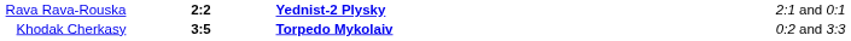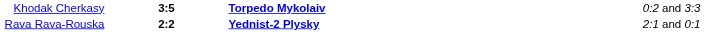 <table width=100% cellspacing=1>
 <tr>
 <th width=20%></th>
 <th width=12%></th>
 <th width=20%></th>
 <th></th>
 </tr>
 <tr style=font-size:90%>
+<td align=right><a href='#'>Khodak Cherkasy</a></td>
+<td align=center><strong>3:5</strong></td>
+<td><strong><a href='#'>Torpedo Mykolaiv</a></strong></td>
+<td align=center><em>0:2</em> and <em>3:3</em></td>
+</tr>
+<tr style=font-size:90%>
 <td align=right><a href='#'>Rava Rava-Rouska</a></td>
 <td align=center><strong>2:2</strong></td>
 <td><strong><a href='#'>Yednist-2 Plysky</a></strong></td>
 <td align=center><em>2:1</em> and <em>0:1</em></td>
 </tr>
-<tr style=font-size:90%>
-<td align=right><a href='#'>Khodak Cherkasy</a></td>
-<td align=center><strong>3:5</strong></td>
-<td><strong><a href='#'>Torpedo Mykolaiv</a></strong></td>
-<td align=center><em>0:2</em> and <em>3:3</em></td>
-</tr>
 </table>
